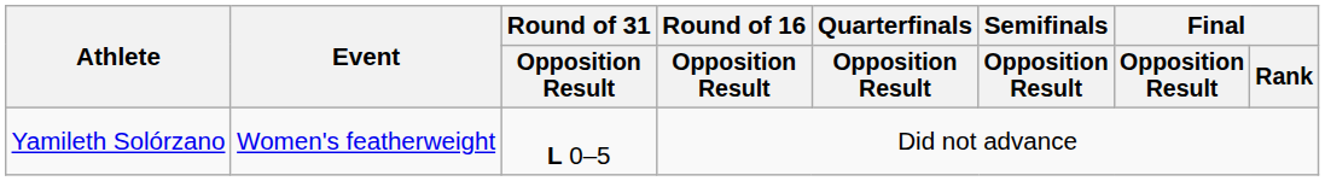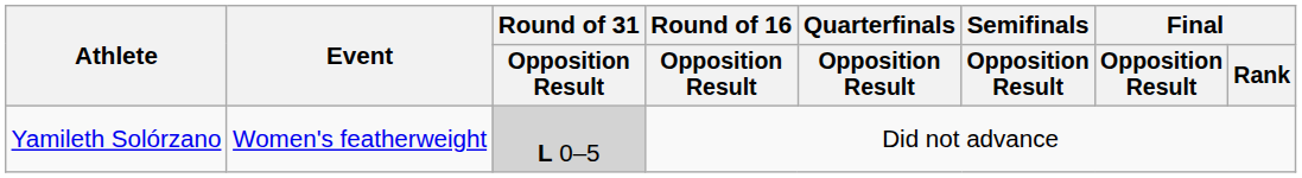 <table class="wikitable" style="font-size:90%">
 <tr>
 <th rowspan="2">Athlete</th>
 <th rowspan="2">Event</th>
 <th>Round of 31</th>
 <th>Round of 16</th>
 <th>Quarterfinals</th>
 <th>Semifinals</th>
 <th colspan=2>Final</th>
 </tr>
 <tr style="font-size:95%">
 <th>Opposition<br>Result</th>
 <th>Opposition<br>Result</th>
 <th>Opposition<br>Result</th>
 <th>Opposition<br>Result</th>
 <th>Opposition<br>Result</th>
 <th>Rank</th>
 </tr>
 <tr align=center>
 <td align=left><a href='#'>Yamileth Solórzano</a></td>
 <td align=left><a href='#'>Women's featherweight</a></td>
-<td><br><strong>L</strong> 0–5</td>
+<td style="background: lightgrey;"><br><strong>L</strong> 0–5</td>
 <td colspan=5>Did not advance</td>
 </tr>
 </table>
